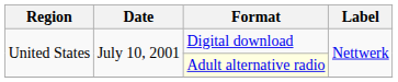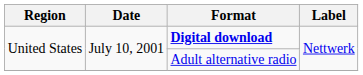 <table class="wikitable plainrowheaders">
 <tr>
 <th scope="col">Region</th>
 <th scope="col">Date</th>
 <th scope="col">Format</th>
 <th scope="col">Label</th>
 </tr>
 <tr>
 <td rowspan="2">United States</td>
 <td rowspan="2">July 10, 2001</td>
-<td><a href='#'>Digital download</a></td>
+<td><strong><a href='#'>Digital download</a></strong></td>
 <td rowspan="2"><a href='#'>Nettwerk</a></td>
 </tr>
 <tr>
-<td style="background: lightyellow;"><a href='#'>Adult alternative radio</a></td>
+<td><a href='#'>Adult alternative radio</a></td>
 </tr>
 <tr>
 </tr>
 </table>
